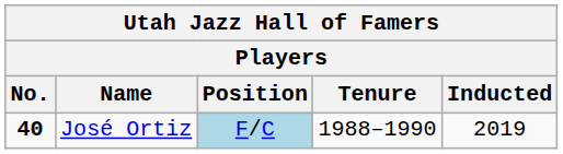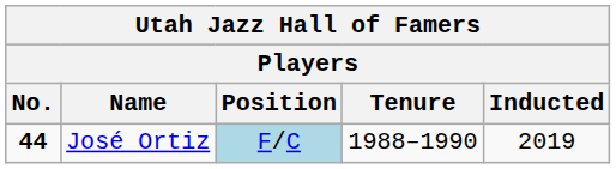 <table class="wikitable" style="text-align:center">
 <tr>
 <th colspan="5">Utah Jazz Hall of Famers</th>
 </tr>
 <tr>
 <th colspan="5" style="text-align:center; ">Players</th>
 </tr>
 <tr>
 <th>No.</th>
 <th>Name</th>
 <th>Position</th>
 <th>Tenure</th>
 <th>Inducted</th>
 </tr>
 <tr>
-<td><strong>40</strong></td>
+<td><strong>44</strong></td>
 <td><a href='#'>José Ortiz</a></td>
 <td style="background: lightblue;"><a href='#'>F</a>/<a href='#'>C</a></td>
 <td>1988–1990</td>
 <td>2019</td>
 </tr>
 </table>
